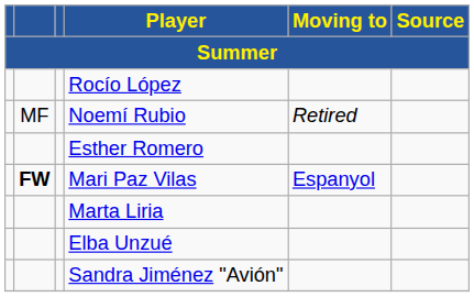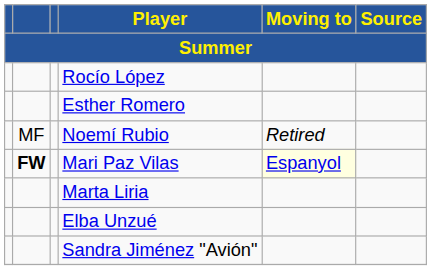 <table class="wikitable plainrowheaders sortable" style="text-align:center">
 <tr>
 <th style="background:#26559B; color:#FFF000; "></th>
 <th style="background:#26559B; color:#FFF000; "></th>
 <th style="background:#26559B; color:#FFF000; "></th>
 <th style="background:#26559B; color:#FFF000; ">Player</th>
 <th style="background:#26559B; color:#FFF000; ">Moving to</th>
 <th style="background:#26559B; color:#FFF000; ">Source</th>
 </tr>
 <tr>
 <th colspan="6" style="background:#26559B; color:#FFF000; ">Summer</th>
 </tr>
 <tr>
 <td></td>
 <td></td>
 <td></td>
 <td align="left"><a href='#'>Rocío López</a></td>
 <td align="left"></td>
 <td></td>
 </tr>
 <tr>
 <td></td>
+<td></td>
+<td></td>
+<td align="left"><a href='#'>Esther Romero</a></td>
+<td align="left"></td>
+<td></td>
+</tr>
+<tr>
+<td></td>
 <td>MF</td>
 <td></td>
 <td align="left"><a href='#'>Noemí Rubio</a></td>
 <td align="left"><em>Retired</em></td>
 <td></td>
 </tr>
 <tr>
 <td></td>
-<td></td>
-<td></td>
-<td align="left"><a href='#'>Esther Romero</a></td>
-<td align="left"></td>
-<td></td>
-</tr>
-<tr>
-<td></td>
 <td><strong>FW</strong></td>
 <td></td>
 <td align="left"><a href='#'>Mari Paz Vilas</a></td>
-<td align="left"><a href='#'>Espanyol</a></td>
+<td align="left" style="background: lightyellow;"><a href='#'>Espanyol</a></td>
 <td></td>
 </tr>
 <tr>
 <td></td>
 <td></td>
 <td></td>
 <td align="left"><a href='#'>Marta Liria</a></td>
 <td align="left"></td>
 <td></td>
 </tr>
 <tr>
 <td></td>
 <td></td>
 <td></td>
 <td align="left"><a href='#'>Elba Unzué</a></td>
 <td align="left"></td>
 <td></td>
 </tr>
 <tr>
 <td></td>
 <td></td>
 <td></td>
 <td align="left"><a href='#'>Sandra Jiménez</a> "Avión"</td>
 <td align="left"></td>
 <td></td>
 </tr>
 <tr>
 </tr>
 </table>
